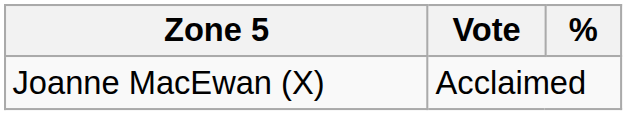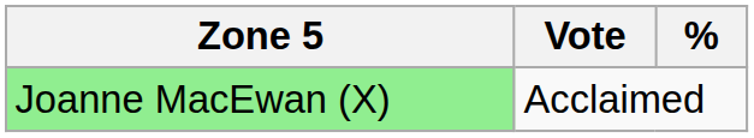 <table class="wikitable">
 <tr>
 <th bgcolor="#DDDDFF" width="200px">Zone 5</th>
 <th bgcolor="#DDDDFF" width="50px">Vote</th>
 <th bgcolor="#DDDDFF" width="30px">%</th>
 </tr>
 <tr>
-<td>Joanne MacEwan (X)</td>
+<td style="background: lightgreen;">Joanne MacEwan (X)</td>
 <td colspan="2">Acclaimed</td>
 </tr>
 </table>
